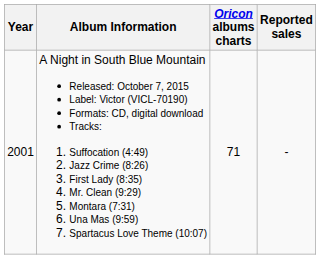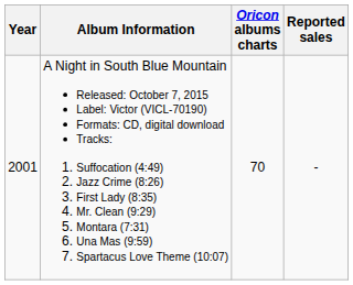 <table class="wikitable">
 <tr>
 <th>Year</th>
 <th>Album Information</th>
 <th><em><a href='#'>Oricon</a></em><br>albums<br>charts<br></th>
 <th>Reported<br>sales<br></th>
 </tr>
 <tr>
 <td style="text-align:center;">2001</td>
 <td>A Night in South Blue Mountain<br><ul><li><small>Released: October 7, 2015</small></li><li><small>Label: Victor (VICL-70190)</small></li><li><small>Formats: CD, digital download</small></li><li><small>Tracks:</small></li></ul><ol><li><small>Suffocation (4:49)</small></li><li><small>Jazz Crime (8:26)</small></li><li><small>First Lady (8:35)</small></li><li><small>Mr. Clean (9:29)</small></li><li><small>Montara (7:31)</small></li><li><small>Una Mas (9:59)</small></li><li><small>Spartacus Love Theme (10:07)</small></li></ol></td>
-<td style="text-align:center;">71</td>
+<td style="text-align:center;">70</td>
 <td style="text-align:center;">-</td>
 </tr>
 </table>
